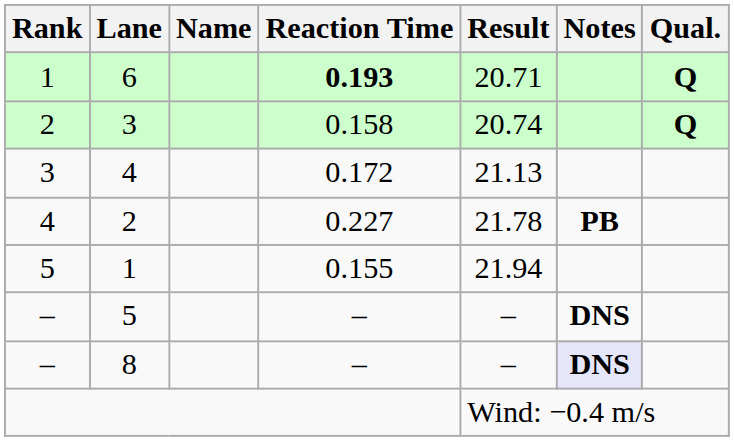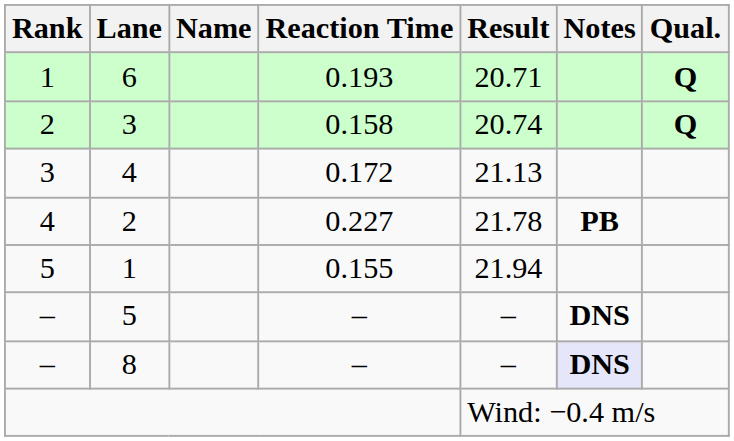 <table class="wikitable" style="text-align:center">
 <tr>
 <th>Rank</th>
 <th>Lane</th>
 <th>Name</th>
 <th>Reaction Time</th>
 <th>Result</th>
 <th>Notes</th>
 <th>Qual.</th>
 </tr>
 <tr bgcolor=ccffcc>
 <td>1</td>
 <td>6</td>
 <td align="left"></td>
-<td><strong>0.193</strong></td>
+<td>0.193</td>
 <td>20.71</td>
 <td></td>
 <td><strong>Q</strong></td>
 </tr>
 <tr bgcolor=ccffcc>
 <td>2</td>
 <td>3</td>
 <td align="left"></td>
 <td>0.158</td>
 <td>20.74</td>
 <td></td>
 <td><strong>Q</strong></td>
 </tr>
 <tr>
 <td>3</td>
 <td>4</td>
 <td align="left"></td>
 <td>0.172</td>
 <td>21.13</td>
 <td></td>
 <td></td>
 </tr>
 <tr>
 <td>4</td>
 <td>2</td>
 <td align="left"></td>
 <td>0.227</td>
 <td>21.78</td>
 <td><strong>PB</strong></td>
 <td></td>
 </tr>
 <tr>
 <td>5</td>
 <td>1</td>
 <td align="left"></td>
 <td>0.155</td>
 <td>21.94</td>
 <td></td>
 <td></td>
 </tr>
 <tr>
 <td>–</td>
 <td>5</td>
 <td align="left"></td>
 <td>–</td>
 <td>–</td>
 <td><strong>DNS</strong></td>
 <td></td>
 </tr>
 <tr>
 <td>–</td>
 <td>8</td>
 <td align="left"></td>
 <td>–</td>
 <td>–</td>
 <td style="background: lavender;"><strong>DNS</strong></td>
 <td></td>
 </tr>
 <tr class="sortbottom">
 <td colspan=4></td>
 <td colspan="3" style="text-align:left;">Wind: −0.4 m/s</td>
 </tr>
 </table>
